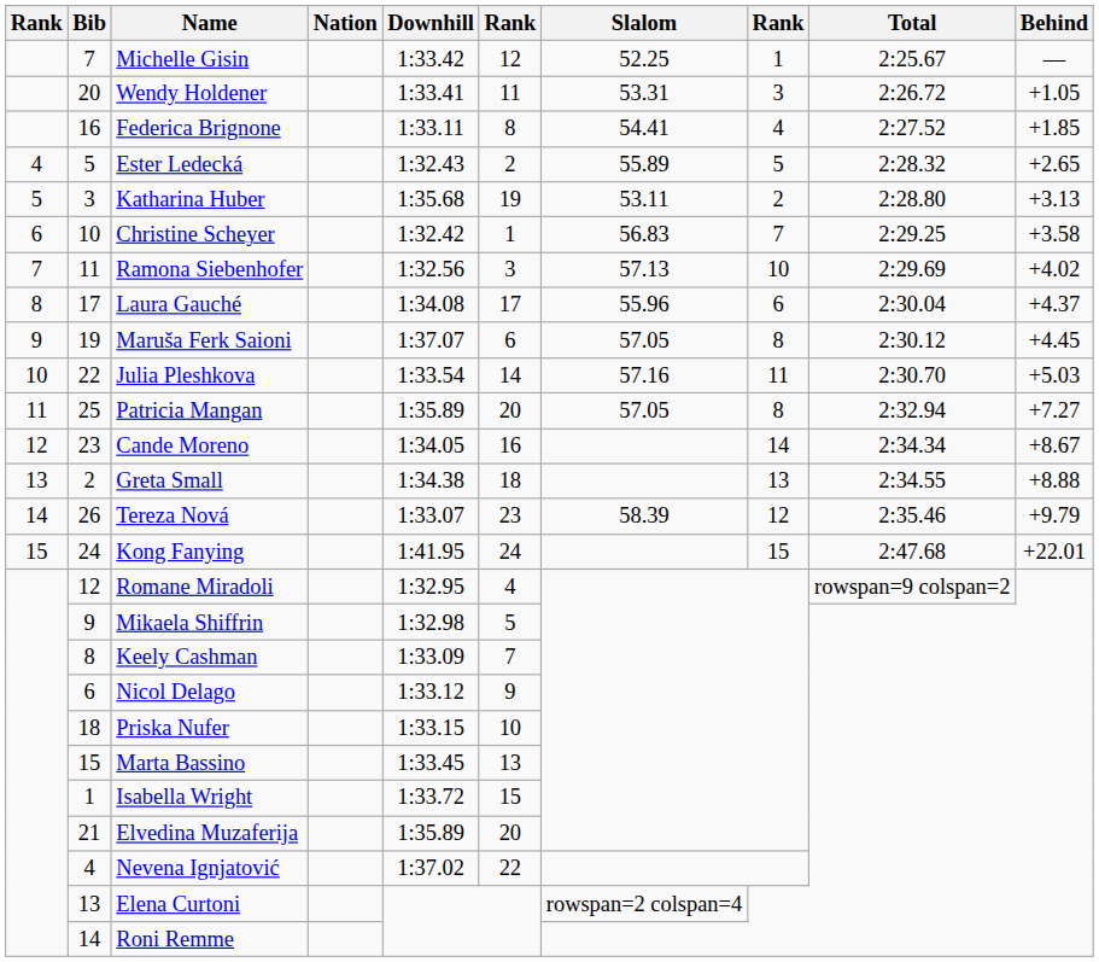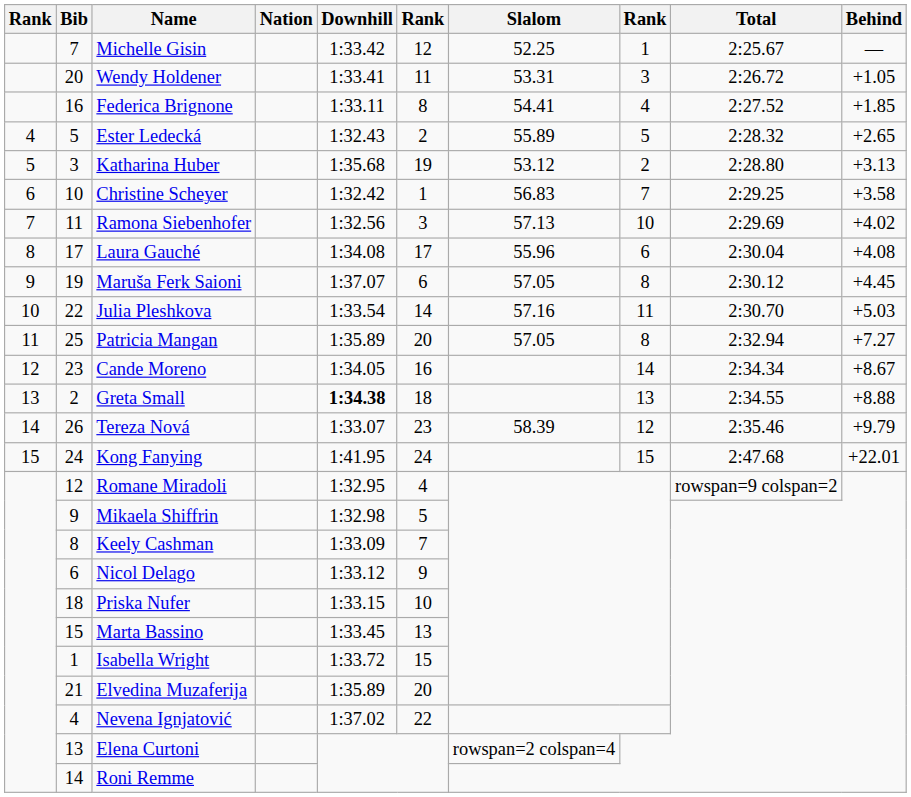 <table class="wikitable sortable" style="text-align:center">
 <tr>
 <th>Rank</th>
 <th>Bib</th>
 <th>Name</th>
 <th>Nation</th>
 <th>Downhill</th>
 <th>Rank</th>
 <th>Slalom</th>
 <th>Rank</th>
 <th>Total</th>
 <th>Behind</th>
 </tr>
 <tr>
 <td></td>
 <td>7</td>
 <td align=left><a href='#'>Michelle Gisin</a></td>
 <td align=left></td>
 <td>1:33.42</td>
 <td>12</td>
 <td>52.25</td>
 <td>1</td>
 <td>2:25.67</td>
 <td>—</td>
 </tr>
 <tr>
 <td></td>
 <td>20</td>
 <td align=left><a href='#'>Wendy Holdener</a></td>
 <td align=left></td>
 <td>1:33.41</td>
 <td>11</td>
 <td>53.31</td>
 <td>3</td>
 <td>2:26.72</td>
 <td>+1.05</td>
 </tr>
 <tr>
 <td></td>
 <td>16</td>
 <td align=left><a href='#'>Federica Brignone</a></td>
 <td align=left></td>
 <td>1:33.11</td>
 <td>8</td>
 <td>54.41</td>
 <td>4</td>
 <td>2:27.52</td>
 <td>+1.85</td>
 </tr>
 <tr>
 <td>4</td>
 <td>5</td>
 <td align=left><a href='#'>Ester Ledecká</a></td>
 <td align=left></td>
 <td>1:32.43</td>
 <td>2</td>
 <td>55.89</td>
 <td>5</td>
 <td>2:28.32</td>
 <td>+2.65</td>
 </tr>
 <tr>
 <td>5</td>
 <td>3</td>
 <td align=left><a href='#'>Katharina Huber</a></td>
 <td align=left></td>
 <td>1:35.68</td>
 <td>19</td>
-<td>53.11</td>
+<td>53.12</td>
 <td>2</td>
 <td>2:28.80</td>
 <td>+3.13</td>
 </tr>
 <tr>
 <td>6</td>
 <td>10</td>
 <td align=left><a href='#'>Christine Scheyer</a></td>
 <td align=left></td>
 <td>1:32.42</td>
 <td>1</td>
 <td>56.83</td>
 <td>7</td>
 <td>2:29.25</td>
 <td>+3.58</td>
 </tr>
 <tr>
 <td>7</td>
 <td>11</td>
 <td align=left><a href='#'>Ramona Siebenhofer</a></td>
 <td align=left></td>
 <td>1:32.56</td>
 <td>3</td>
 <td>57.13</td>
 <td>10</td>
 <td>2:29.69</td>
 <td>+4.02</td>
 </tr>
 <tr>
 <td>8</td>
 <td>17</td>
 <td align=left><a href='#'>Laura Gauché</a></td>
 <td align=left></td>
 <td>1:34.08</td>
 <td>17</td>
 <td>55.96</td>
 <td>6</td>
 <td>2:30.04</td>
-<td>+4.37</td>
+<td>+4.08</td>
 </tr>
 <tr>
 <td>9</td>
 <td>19</td>
 <td align=left><a href='#'>Maruša Ferk Saioni</a></td>
 <td align=left></td>
 <td>1:37.07</td>
 <td>6</td>
 <td>57.05</td>
 <td>8</td>
 <td>2:30.12</td>
 <td>+4.45</td>
 </tr>
 <tr>
 <td>10</td>
 <td>22</td>
 <td align=left><a href='#'>Julia Pleshkova</a></td>
 <td align=left></td>
 <td>1:33.54</td>
 <td>14</td>
 <td>57.16</td>
 <td>11</td>
 <td>2:30.70</td>
 <td>+5.03</td>
 </tr>
 <tr>
 <td>11</td>
 <td>25</td>
 <td align=left><a href='#'>Patricia Mangan</a></td>
 <td align=left></td>
 <td>1:35.89</td>
 <td>20</td>
 <td>57.05</td>
 <td>8</td>
 <td>2:32.94</td>
 <td>+7.27</td>
 </tr>
 <tr>
 <td>12</td>
 <td>23</td>
 <td align=left><a href='#'>Cande Moreno</a></td>
 <td align=left></td>
 <td>1:34.05</td>
 <td>16</td>
 <td></td>
 <td>14</td>
 <td>2:34.34</td>
 <td>+8.67</td>
 </tr>
 <tr>
 <td>13</td>
 <td>2</td>
 <td align=left><a href='#'>Greta Small</a></td>
 <td align=left></td>
-<td>1:34.38</td>
+<td><strong>1:34.38</strong></td>
 <td>18</td>
 <td></td>
 <td>13</td>
 <td>2:34.55</td>
 <td>+8.88</td>
 </tr>
 <tr>
 <td>14</td>
 <td>26</td>
 <td align=left><a href='#'>Tereza Nová</a></td>
 <td align=left></td>
 <td>1:33.07</td>
 <td>23</td>
 <td>58.39</td>
 <td>12</td>
 <td>2:35.46</td>
 <td>+9.79</td>
 </tr>
 <tr>
 <td>15</td>
 <td>24</td>
 <td align=left><a href='#'>Kong Fanying</a></td>
 <td align=left></td>
 <td>1:41.95</td>
 <td>24</td>
 <td></td>
 <td>15</td>
 <td>2:47.68</td>
 <td>+22.01</td>
 </tr>
 <tr>
 <td rowspan=11></td>
 <td>12</td>
 <td align=left><a href='#'>Romane Miradoli</a></td>
 <td align=left></td>
 <td>1:32.95</td>
 <td>4</td>
 <td rowspan=8 colspan=2></td>
 <td>rowspan=9 colspan=2 </td>
 </tr>
 <tr>
 <td>9</td>
 <td align=left><a href='#'>Mikaela Shiffrin</a></td>
 <td align=left></td>
 <td>1:32.98</td>
 <td>5</td>
 </tr>
 <tr>
 <td>8</td>
 <td align=left><a href='#'>Keely Cashman</a></td>
 <td align=left></td>
 <td>1:33.09</td>
 <td>7</td>
 </tr>
 <tr>
 <td>6</td>
 <td align=left><a href='#'>Nicol Delago</a></td>
 <td align=left></td>
 <td>1:33.12</td>
 <td>9</td>
 </tr>
 <tr>
 <td>18</td>
 <td align=left><a href='#'>Priska Nufer</a></td>
 <td align=left></td>
 <td>1:33.15</td>
 <td>10</td>
 </tr>
 <tr>
 <td>15</td>
 <td align=left><a href='#'>Marta Bassino</a></td>
 <td align=left></td>
 <td>1:33.45</td>
 <td>13</td>
 </tr>
 <tr>
 <td>1</td>
 <td align=left><a href='#'>Isabella Wright</a></td>
 <td align=left></td>
 <td>1:33.72</td>
 <td>15</td>
 </tr>
 <tr>
 <td>21</td>
 <td align=left><a href='#'>Elvedina Muzaferija</a></td>
 <td align=left></td>
 <td>1:35.89</td>
 <td>20</td>
 </tr>
 <tr>
 <td>4</td>
 <td align=left><a href='#'>Nevena Ignjatović</a></td>
 <td align=left></td>
 <td>1:37.02</td>
 <td>22</td>
 <td colspan=2></td>
 </tr>
 <tr>
 <td>13</td>
 <td align=left><a href='#'>Elena Curtoni</a></td>
 <td align=left></td>
 <td rowspan=2 colspan=2></td>
 <td>rowspan=2 colspan=4 </td>
 </tr>
 <tr>
 <td>14</td>
 <td align=left><a href='#'>Roni Remme</a></td>
 <td align=left></td>
 </tr>
 </table>
